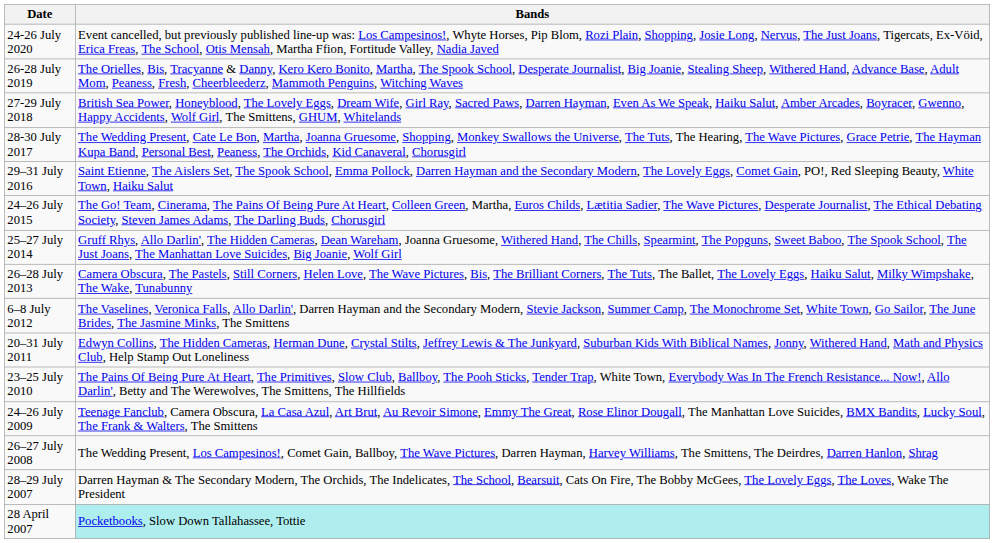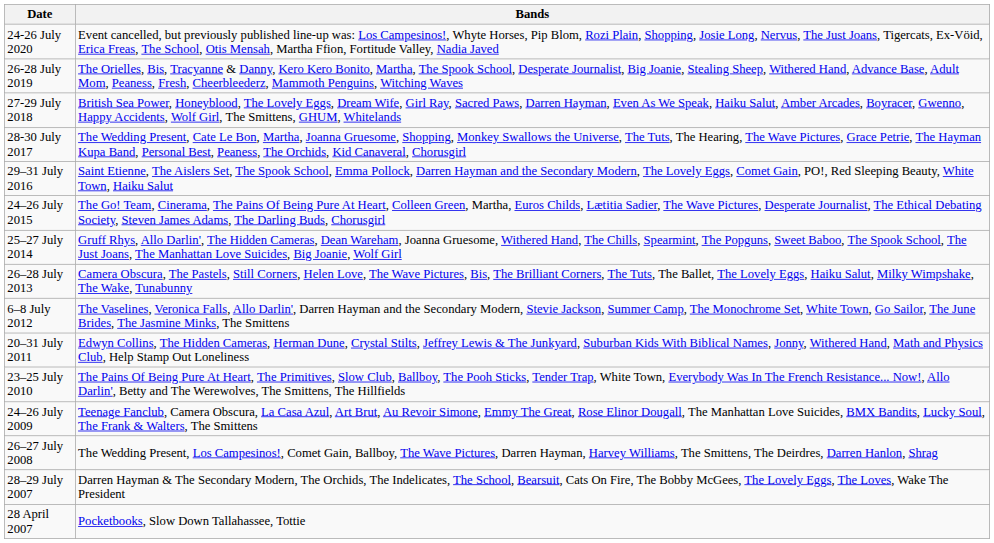 <table class="wikitable">
 <tr>
 <th>Date</th>
 <th>Bands</th>
 </tr>
 <tr>
 <td>24-26 July 2020</td>
 <td>Event cancelled, but previously published line-up was: <a href='#'>Los Campesinos!</a>, Whyte Horses, Pip Blom, <a href='#'>Rozi Plain</a>, <a href='#'>Shopping</a>, <a href='#'>Josie Long</a>, <a href='#'>Nervus</a>, <a href='#'>The Just Joans</a>, Tigercats, Ex-Vöid, <a href='#'>Erica Freas</a>, <a href='#'>The School</a>, <a href='#'>Otis Mensah</a>, Martha Ffion, Fortitude Valley, <a href='#'>Nadia Javed</a></td>
 </tr>
 <tr>
 <td>26-28 July 2019</td>
 <td><a href='#'>The Orielles</a>, <a href='#'>Bis</a>, <a href='#'>Tracyanne</a> & <a href='#'>Danny</a>, <a href='#'>Kero Kero Bonito</a>, <a href='#'>Martha</a>, <a href='#'>The Spook School</a>, <a href='#'>Desperate Journalist</a>, <a href='#'>Big Joanie</a>, <a href='#'>Stealing Sheep</a>, <a href='#'>Withered Hand</a>, <a href='#'>Advance Base</a>, <a href='#'>Adult Mom</a>, <a href='#'>Peaness</a>, <a href='#'>Fresh</a>, <a href='#'>Cheerbleederz</a>, <a href='#'>Mammoth Penguins</a>, <a href='#'>Witching Waves</a></td>
 </tr>
 <tr>
 <td>27-29 July 2018</td>
 <td><a href='#'>British Sea Power</a>, <a href='#'>Honeyblood</a>, <a href='#'>The Lovely Eggs</a>, <a href='#'>Dream Wife</a>, <a href='#'>Girl Ray</a>, <a href='#'>Sacred Paws</a>, <a href='#'>Darren Hayman</a>, <a href='#'>Even As We Speak</a>, <a href='#'>Haiku Salut</a>, <a href='#'>Amber Arcades</a>, <a href='#'>Boyracer</a>, <a href='#'>Gwenno</a>, <a href='#'>Happy Accidents</a>, <a href='#'>Wolf Girl</a>, The Smittens, <a href='#'>GHUM</a>, <a href='#'>Whitelands</a></td>
 </tr>
 <tr>
 <td>28-30 July 2017</td>
 <td><a href='#'>The Wedding Present</a>, <a href='#'>Cate Le Bon</a>, <a href='#'>Martha</a>, <a href='#'>Joanna Gruesome</a>, <a href='#'>Shopping</a>, <a href='#'>Monkey Swallows the Universe</a>, <a href='#'>The Tuts</a>, The Hearing, <a href='#'>The Wave Pictures</a>, <a href='#'>Grace Petrie</a>, <a href='#'>The Hayman Kupa Band</a>, <a href='#'>Personal Best</a>, <a href='#'>Peaness</a>, <a href='#'>The Orchids</a>, <a href='#'>Kid Canaveral</a>, <a href='#'>Chorusgirl</a></td>
 </tr>
 <tr>
 <td>29–31 July 2016</td>
 <td><a href='#'>Saint Etienne</a>, <a href='#'>The Aislers Set</a>, <a href='#'>The Spook School</a>, <a href='#'>Emma Pollock</a>, <a href='#'>Darren Hayman and the Secondary Modern</a>, <a href='#'>The Lovely Eggs</a>, <a href='#'>Comet Gain</a>, PO!, Red Sleeping Beauty, <a href='#'>White Town</a>, <a href='#'>Haiku Salut</a></td>
 </tr>
 <tr>
 <td>24–26 July 2015</td>
 <td><a href='#'>The Go! Team</a>, <a href='#'>Cinerama</a>, <a href='#'>The Pains Of Being Pure At Heart</a>, <a href='#'>Colleen Green</a>, Martha, <a href='#'>Euros Childs</a>, <a href='#'>Lætitia Sadier</a>, <a href='#'>The Wave Pictures</a>, <a href='#'>Desperate Journalist</a>, <a href='#'>The Ethical Debating Society</a>, <a href='#'>Steven James Adams</a>, <a href='#'>The Darling Buds</a>, <a href='#'>Chorusgirl</a></td>
 </tr>
 <tr>
 <td>25–27 July 2014</td>
 <td><a href='#'>Gruff Rhys</a>, <a href='#'>Allo Darlin'</a>, <a href='#'>The Hidden Cameras</a>, <a href='#'>Dean Wareham</a>, Joanna Gruesome, <a href='#'>Withered Hand</a>, <a href='#'>The Chills</a>, <a href='#'>Spearmint</a>, <a href='#'>The Popguns</a>, <a href='#'>Sweet Baboo</a>, <a href='#'>The Spook School</a>, <a href='#'>The Just Joans</a>, <a href='#'>The Manhattan Love Suicides</a>, <a href='#'>Big Joanie</a>, <a href='#'>Wolf Girl</a></td>
 </tr>
 <tr>
 <td>26–28 July 2013</td>
 <td><a href='#'>Camera Obscura</a>, <a href='#'>The Pastels</a>, <a href='#'>Still Corners</a>, <a href='#'>Helen Love</a>, <a href='#'>The Wave Pictures</a>, <a href='#'>Bis</a>, <a href='#'>The Brilliant Corners</a>, <a href='#'>The Tuts</a>, The Ballet, <a href='#'>The Lovely Eggs</a>, <a href='#'>Haiku Salut</a>, <a href='#'>Milky Wimpshake</a>, <a href='#'>The Wake</a>, <a href='#'>Tunabunny</a></td>
 </tr>
 <tr>
 <td>6–8 July 2012</td>
 <td><a href='#'>The Vaselines</a>, <a href='#'>Veronica Falls</a>, <a href='#'>Allo Darlin'</a>, Darren Hayman and the Secondary Modern, <a href='#'>Stevie Jackson</a>, <a href='#'>Summer Camp</a>, <a href='#'>The Monochrome Set</a>, <a href='#'>White Town</a>, <a href='#'>Go Sailor</a>, <a href='#'>The June Brides</a>, <a href='#'>The Jasmine Minks</a>, The Smittens</td>
 </tr>
 <tr>
 <td>20–31 July 2011</td>
 <td><a href='#'>Edwyn Collins</a>, <a href='#'>The Hidden Cameras</a>, <a href='#'>Herman Dune</a>, <a href='#'>Crystal Stilts</a>, <a href='#'>Jeffrey Lewis & The Junkyard</a>, <a href='#'>Suburban Kids With Biblical Names</a>, <a href='#'>Jonny</a>, <a href='#'>Withered Hand</a>, <a href='#'>Math and Physics Club</a>, Help Stamp Out Loneliness</td>
 </tr>
 <tr>
 <td>23–25 July 2010</td>
 <td><a href='#'>The Pains Of Being Pure At Heart</a>, <a href='#'>The Primitives</a>, <a href='#'>Slow Club</a>, <a href='#'>Ballboy</a>, <a href='#'>The Pooh Sticks</a>, <a href='#'>Tender Trap</a>, White Town, <a href='#'>Everybody Was In The French Resistance... Now!</a>, <a href='#'>Allo Darlin'</a>, Betty and The Werewolves, The Smittens, The Hillfields</td>
 </tr>
 <tr>
 <td>24–26 July 2009</td>
 <td><a href='#'>Teenage Fanclub</a>, Camera Obscura, <a href='#'>La Casa Azul</a>, <a href='#'>Art Brut</a>, <a href='#'>Au Revoir Simone</a>, <a href='#'>Emmy The Great</a>, <a href='#'>Rose Elinor Dougall</a>, The Manhattan Love Suicides, <a href='#'>BMX Bandits</a>, <a href='#'>Lucky Soul</a>, <a href='#'>The Frank & Walters</a>, The Smittens</td>
 </tr>
 <tr>
 <td>26–27 July 2008</td>
 <td>The Wedding Present, <a href='#'>Los Campesinos!</a>, Comet Gain, Ballboy, <a href='#'>The Wave Pictures</a>, Darren Hayman, <a href='#'>Harvey Williams</a>, The Smittens, The Deirdres, <a href='#'>Darren Hanlon</a>, <a href='#'>Shrag</a></td>
 </tr>
 <tr>
 <td>28–29 July 2007</td>
 <td>Darren Hayman & The Secondary Modern, The Orchids, The Indelicates, <a href='#'>The School</a>, <a href='#'>Bearsuit</a>, Cats On Fire, The Bobby McGees, <a href='#'>The Lovely Eggs</a>, <a href='#'>The Loves</a>, Wake The President</td>
 </tr>
 <tr>
 <td>28 April 2007</td>
-<td style="background: paleturquoise;"><a href='#'>Pocketbooks</a>, Slow Down Tallahassee, Tottie</td>
+<td><a href='#'>Pocketbooks</a>, Slow Down Tallahassee, Tottie</td>
 </tr>
 </table>
